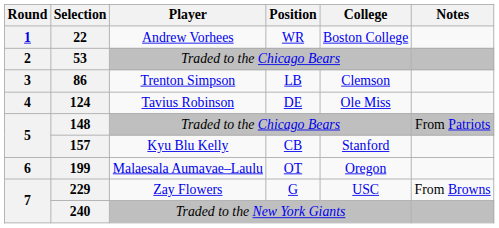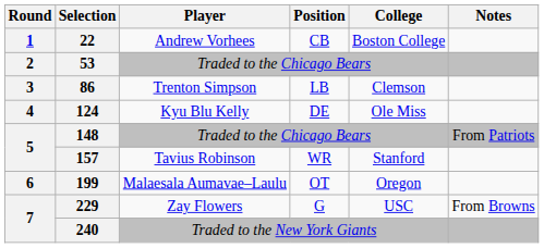 <table class="wikitable" style="text-align:center">
 <tr>
 <th>Round</th>
 <th>Selection</th>
 <th>Player</th>
 <th>Position</th>
 <th>College</th>
 <th>Notes</th>
 </tr>
 <tr>
 <th><a href='#'>1</a></th>
 <th>22</th>
 <td><a href='#'>Andrew Vorhees</a></td>
-<td><a href='#'>WR</a></td>
+<td><a href='#'>CB</a></td>
 <td><a href='#'>Boston College</a></td>
 <td></td>
 </tr>
 <tr>
 <th>2</th>
 <th>53</th>
 <td colspan="3" style="background:#BFBFBF"><em>Traded to the <a href='#'>Chicago Bears</a></em></td>
 <td style="background:#BFBFBF"></td>
 </tr>
 <tr>
 <th>3</th>
 <th>86</th>
 <td><a href='#'>Trenton Simpson</a></td>
 <td><a href='#'>LB</a></td>
 <td><a href='#'>Clemson</a></td>
 <td></td>
 </tr>
 <tr>
 <th>4</th>
 <th>124</th>
-<td><a href='#'>Tavius Robinson</a></td>
+<td><a href='#'>Kyu Blu Kelly</a></td>
 <td><a href='#'>DE</a></td>
 <td><a href='#'>Ole Miss</a></td>
 <td></td>
 </tr>
 <tr>
 <th rowspan="2">5</th>
 <th>148</th>
 <td colspan="3" style="background:#BFBFBF"><em>Traded to the <a href='#'>Chicago Bears</a></em></td>
 <td style="background:#BFBFBF">From <a href='#'>Patriots</a></td>
 </tr>
 <tr>
 <th>157</th>
-<td><a href='#'>Kyu Blu Kelly</a></td>
-<td><a href='#'>CB</a></td>
+<td><a href='#'>Tavius Robinson</a></td>
+<td><a href='#'>WR</a></td>
 <td><a href='#'>Stanford</a></td>
 <td></td>
 </tr>
 <tr>
 <th>6</th>
 <th>199</th>
 <td><a href='#'>Malaesala Aumavae–Laulu</a></td>
 <td><a href='#'>OT</a></td>
 <td><a href='#'>Oregon</a></td>
 <td></td>
 </tr>
 <tr>
 <th rowspan="2">7</th>
 <th>229</th>
 <td><a href='#'>Zay Flowers</a></td>
 <td><a href='#'>G</a></td>
 <td><a href='#'>USC</a></td>
 <td>From <a href='#'>Browns</a></td>
 </tr>
 <tr>
 <th>240</th>
 <td colspan="3" style="background:#BFBFBF"><em>Traded to the <a href='#'>New York Giants</a></em></td>
 <td style="background:#BFBFBF"></td>
 </tr>
 </table>
